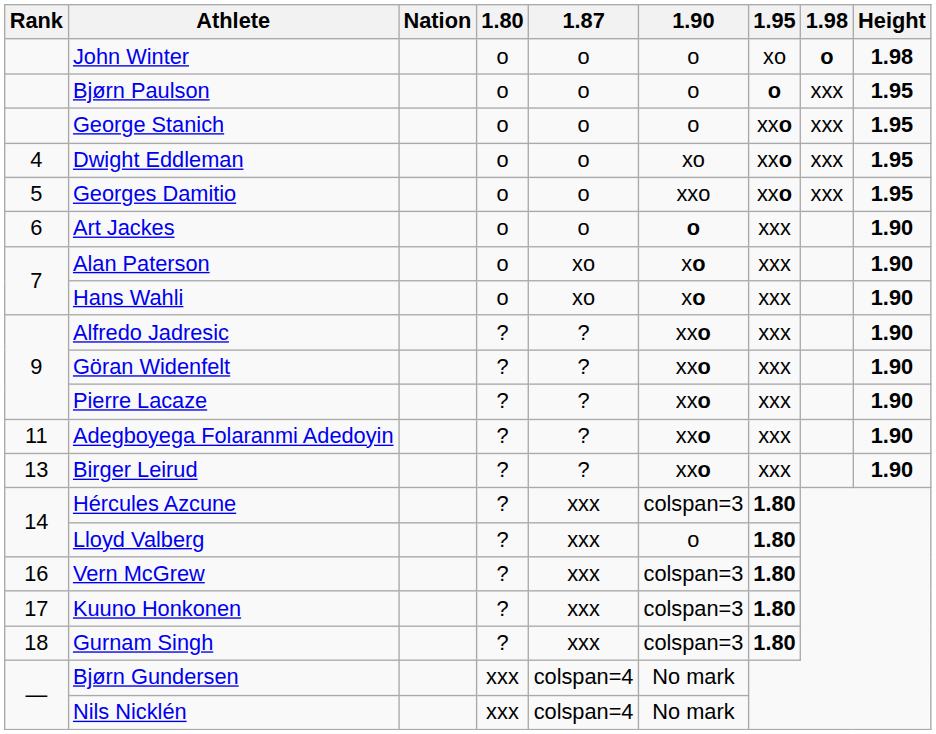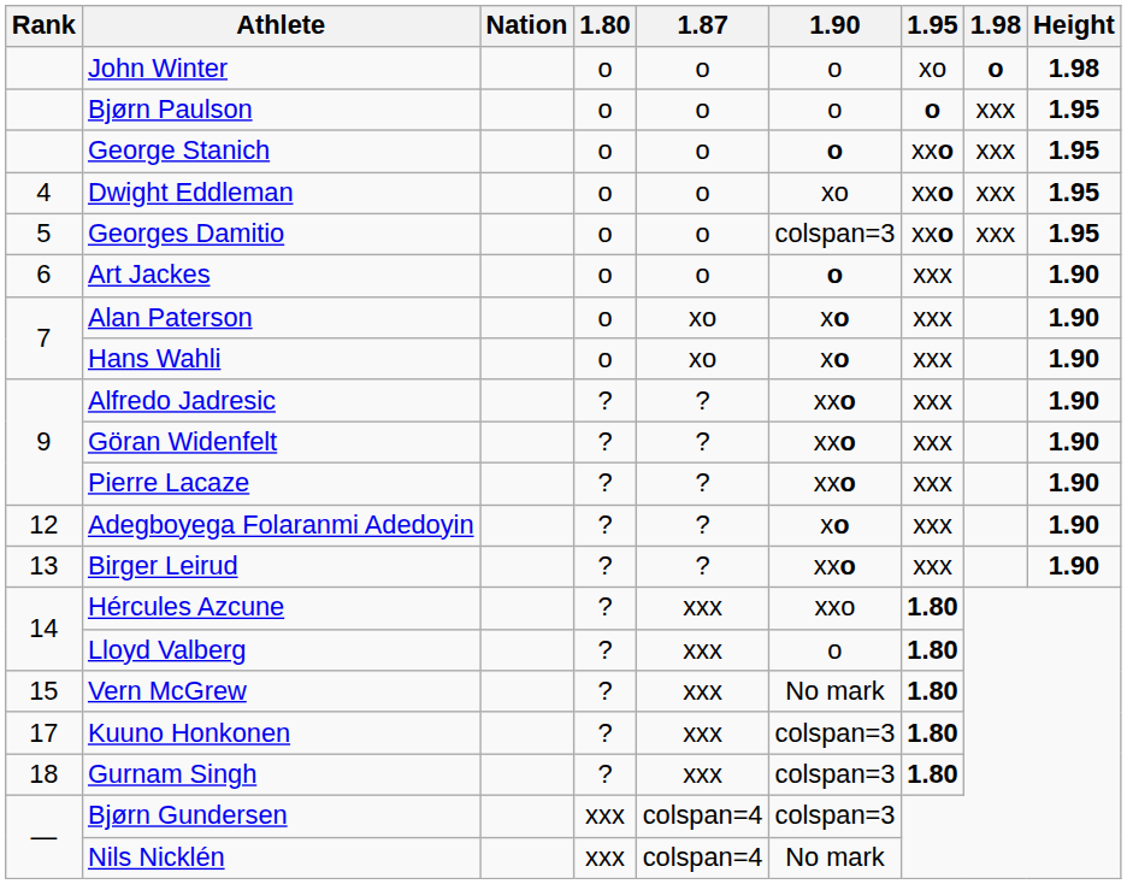 <table class="wikitable sortable" style="text-align:center">
 <tr>
 <th>Rank</th>
 <th>Athlete</th>
 <th>Nation</th>
 <th>1.80</th>
 <th>1.87</th>
 <th>1.90</th>
 <th>1.95</th>
 <th>1.98</th>
 <th>Height</th>
 </tr>
 <tr>
 <td></td>
 <td align="left"><a href='#'>John Winter</a></td>
 <td align="left"></td>
 <td>o</td>
 <td>o</td>
 <td>o</td>
 <td>xo</td>
 <td><strong>o</strong></td>
 <td><strong>1.98</strong></td>
 </tr>
 <tr>
 <td></td>
 <td align="left"><a href='#'>Bjørn Paulson</a></td>
 <td align="left"></td>
 <td>o</td>
 <td>o</td>
 <td>o</td>
 <td><strong>o</strong></td>
 <td>xxx</td>
 <td><strong>1.95</strong></td>
 </tr>
 <tr>
 <td></td>
 <td align="left"><a href='#'>George Stanich</a></td>
 <td align="left"></td>
 <td>o</td>
 <td>o</td>
-<td>o</td>
+<td><strong>o</strong></td>
 <td>xx<strong>o</strong></td>
 <td>xxx</td>
 <td><strong>1.95</strong></td>
 </tr>
 <tr>
 <td>4</td>
 <td align="left"><a href='#'>Dwight Eddleman</a></td>
 <td align="left"></td>
 <td>o</td>
 <td>o</td>
 <td>xo</td>
 <td>xx<strong>o</strong></td>
 <td>xxx</td>
 <td><strong>1.95</strong></td>
 </tr>
 <tr>
 <td>5</td>
 <td align="left"><a href='#'>Georges Damitio</a></td>
 <td align="left"></td>
 <td>o</td>
 <td>o</td>
-<td>xxo</td>
+<td>colspan=3 </td>
 <td>xx<strong>o</strong></td>
 <td>xxx</td>
 <td><strong>1.95</strong></td>
 </tr>
 <tr>
 <td>6</td>
 <td align="left"><a href='#'>Art Jackes</a></td>
 <td align="left"></td>
 <td>o</td>
 <td>o</td>
 <td><strong>o</strong></td>
 <td>xxx</td>
 <td></td>
 <td><strong>1.90</strong></td>
 </tr>
 <tr>
 <td rowspan=2>7</td>
 <td align="left"><a href='#'>Alan Paterson</a></td>
 <td align="left"></td>
 <td>o</td>
 <td>xo</td>
 <td>x<strong>o</strong></td>
 <td>xxx</td>
 <td></td>
 <td><strong>1.90</strong></td>
 </tr>
 <tr>
 <td align="left"><a href='#'>Hans Wahli</a></td>
 <td align="left"></td>
 <td>o</td>
 <td>xo</td>
 <td>x<strong>o</strong></td>
 <td>xxx</td>
 <td></td>
 <td><strong>1.90</strong></td>
 </tr>
 <tr>
 <td rowspan=3>9</td>
 <td align="left"><a href='#'>Alfredo Jadresic</a></td>
 <td align="left"></td>
 <td>?</td>
 <td>?</td>
 <td>xx<strong>o</strong></td>
 <td>xxx</td>
 <td></td>
 <td><strong>1.90</strong></td>
 </tr>
 <tr>
 <td align="left"><a href='#'>Göran Widenfelt</a></td>
 <td align="left"></td>
 <td>?</td>
 <td>?</td>
 <td>xx<strong>o</strong></td>
 <td>xxx</td>
 <td></td>
 <td><strong>1.90</strong></td>
 </tr>
 <tr>
 <td align="left"><a href='#'>Pierre Lacaze</a></td>
 <td align="left"></td>
 <td>?</td>
 <td>?</td>
 <td>xx<strong>o</strong></td>
 <td>xxx</td>
 <td></td>
 <td><strong>1.90</strong></td>
 </tr>
 <tr>
-<td>11</td>
+<td>12</td>
 <td align="left"><a href='#'>Adegboyega Folaranmi Adedoyin</a></td>
 <td align="left"></td>
 <td>?</td>
 <td>?</td>
-<td>xx<strong>o</strong></td>
+<td>x<strong>o</strong></td>
 <td>xxx</td>
 <td></td>
 <td><strong>1.90</strong></td>
 </tr>
 <tr>
 <td>13</td>
 <td align="left"><a href='#'>Birger Leirud</a></td>
 <td align="left"></td>
 <td>?</td>
 <td>?</td>
 <td>xx<strong>o</strong></td>
 <td>xxx</td>
 <td></td>
 <td><strong>1.90</strong></td>
 </tr>
 <tr>
 <td rowspan=2>14</td>
 <td align="left"><a href='#'>Hércules Azcune</a></td>
 <td align="left"></td>
 <td>?</td>
 <td>xxx</td>
-<td>colspan=3 </td>
+<td>xxo</td>
 <td><strong>1.80</strong></td>
 </tr>
 <tr>
 <td align="left"><a href='#'>Lloyd Valberg</a></td>
 <td align="left"></td>
 <td>?</td>
 <td>xxx</td>
 <td>o</td>
 <td><strong>1.80</strong></td>
 </tr>
 <tr>
-<td>16</td>
+<td>15</td>
 <td align="left"><a href='#'>Vern McGrew</a></td>
 <td align="left"></td>
 <td>?</td>
 <td>xxx</td>
-<td>colspan=3 </td>
+<td>No mark</td>
 <td><strong>1.80</strong></td>
 </tr>
 <tr>
 <td>17</td>
 <td align="left"><a href='#'>Kuuno Honkonen</a></td>
 <td align="left"></td>
 <td>?</td>
 <td>xxx</td>
 <td>colspan=3 </td>
 <td><strong>1.80</strong></td>
 </tr>
 <tr>
 <td>18</td>
 <td align="left"><a href='#'>Gurnam Singh</a></td>
 <td align="left"></td>
 <td>?</td>
 <td>xxx</td>
 <td>colspan=3 </td>
 <td><strong>1.80</strong></td>
 </tr>
 <tr>
 <td rowspan=2>—</td>
 <td align="left"><a href='#'>Bjørn Gundersen</a></td>
 <td align="left"></td>
 <td>xxx</td>
 <td>colspan=4 </td>
-<td>No mark</td>
+<td>colspan=3 </td>
 </tr>
 <tr>
 <td align="left"><a href='#'>Nils Nicklén</a></td>
 <td align="left"></td>
 <td>xxx</td>
 <td>colspan=4 </td>
 <td>No mark</td>
 </tr>
 </table>
